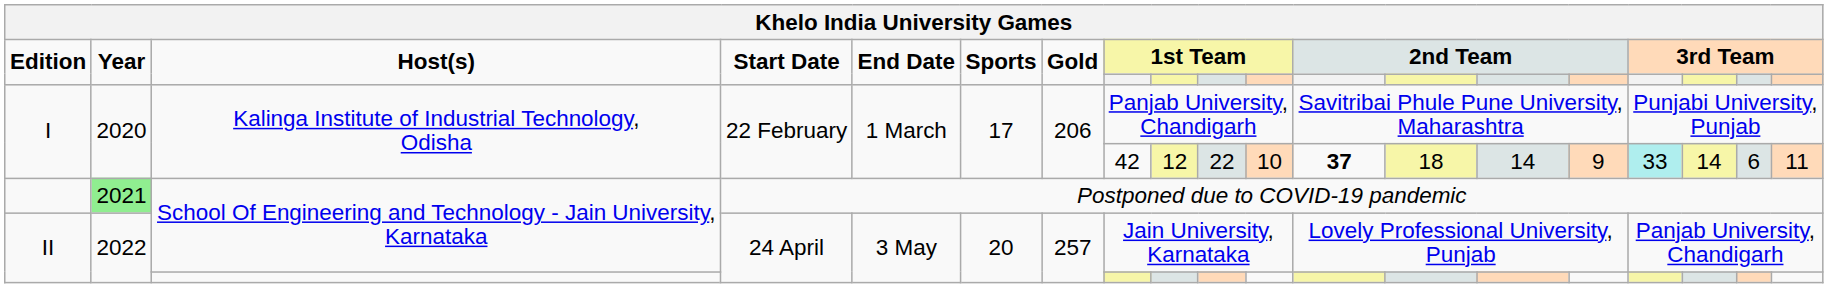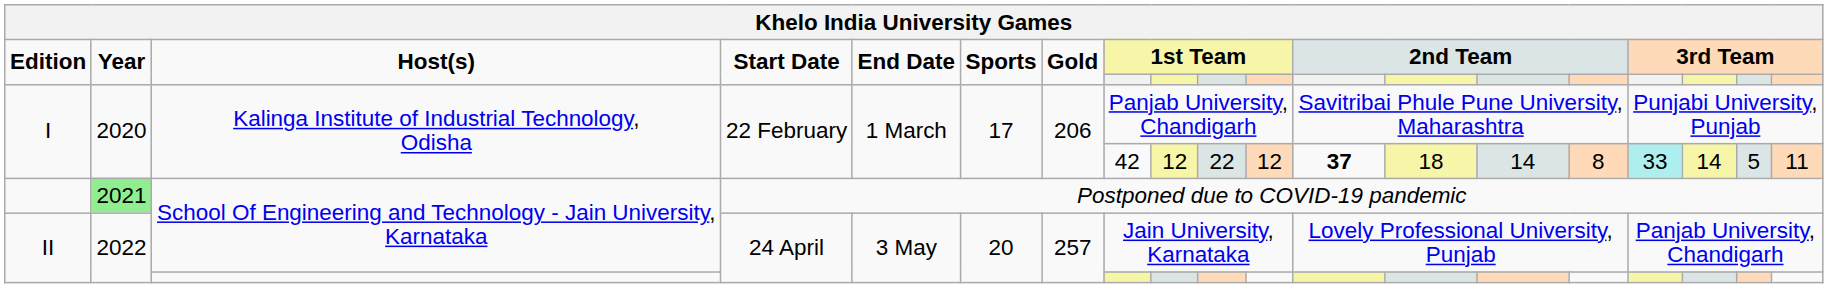 <table class="wikitable" style="text-align:center; font-size:93%;">
 <tr>
 <th colspan="19" style="text-align:center;">Khelo India University Games</th>
 </tr>
 <tr>
 <td rowspan="2"><strong>Edition</strong></td>
 <td rowspan="2"><strong>Year</strong></td>
 <td rowspan="2"><strong>Host(s)</strong></td>
 <td rowspan="2"><strong>Start Date</strong></td>
 <td rowspan="2"><strong>End Date</strong></td>
 <td rowspan="2"><strong>Sports</strong></td>
 <td rowspan="2"><strong>Gold</strong></td>
 <th colspan="4" style="background:#f7f6a8;">1st Team</th>
 <th colspan="4" style="background:#dce5e5;">2nd Team</th>
 <th colspan="4" style="background:#ffdab9;">3rd Team</th>
 </tr>
 <tr>
 <th></th>
 <th style="background:#f7f6a8;"></th>
 <th style="background:#dce5e5;"></th>
 <th style="background:#ffdab9;"></th>
 <th></th>
 <th style="background:#f7f6a8;"></th>
 <th style="background:#dce5e5;"></th>
 <th style="background:#ffdab9;"></th>
 <th></th>
 <th style="background:#f7f6a8;"></th>
 <th style="background:#dce5e5;"></th>
 <th style="background:#ffdab9;"></th>
 </tr>
 <tr>
 <td rowspan="2">I</td>
 <td rowspan="2">2020</td>
 <td rowspan="2"><a href='#'>Kalinga Institute of Industrial Technology</a>,<br><a href='#'>Odisha</a></td>
 <td rowspan="2">22 February</td>
 <td rowspan="2">1 March</td>
 <td rowspan="2">17</td>
 <td rowspan="2">206</td>
 <td colspan="4"><a href='#'>Panjab University</a>,<br><a href='#'>Chandigarh</a></td>
 <td colspan="4"><a href='#'>Savitribai Phule Pune University</a>,<br><a href='#'>Maharashtra</a></td>
 <td colspan="4"><a href='#'>Punjabi University</a>,<br><a href='#'>Punjab</a></td>
 </tr>
 <tr>
 <td>42</td>
 <td style="background:#f7f6a8;">12</td>
 <td style="background:#dce5e5;">22</td>
-<td style="background:#ffdab9;">10</td>
+<td style="background:#ffdab9;">12</td>
 <td><strong>37</strong></td>
 <td style="background:#f7f6a8;">18</td>
 <td style="background:#dce5e5;">14</td>
-<td style="background:#ffdab9;">9</td>
+<td style="background:#ffdab9;">8</td>
 <td style="background: paleturquoise;">33</td>
 <td style="background:#f7f6a8;">14</td>
-<td style="background:#dce5e5;">6</td>
+<td style="background:#dce5e5;">5</td>
 <td style="background:#ffdab9;">11</td>
 </tr>
 <tr>
 <td></td>
 <td style="background: lightgreen;">2021</td>
 <td rowspan="2" colspan="1"><a href='#'>School Of Engineering and Technology - Jain University</a>,<br><a href='#'>Karnataka</a></td>
 <td colspan="16"><em>Postponed due to COVID-19 pandemic</em></td>
 </tr>
 <tr>
 <td rowspan="2">II</td>
 <td rowspan="2">2022</td>
 <td rowspan="2">24 April</td>
 <td rowspan="2">3 May</td>
 <td rowspan="2">20</td>
 <td rowspan="2">257</td>
 <td colspan="4"><a href='#'>Jain University</a>,<br><a href='#'>Karnataka</a></td>
 <td colspan="4"><a href='#'>Lovely Professional University</a>,<br><a href='#'>Punjab</a></td>
 <td colspan="4"><a href='#'>Panjab University</a>,<br><a href='#'>Chandigarh</a></td>
 </tr>
 <tr>
 <td></td>
 <td style="background:#f7f6a8;"></td>
 <td style="background:#dce5e5;"></td>
 <td style="background:#ffdab9;"></td>
 <td></td>
 <td style="background:#f7f6a8;"></td>
 <td style="background:#dce5e5;"></td>
 <td style="background:#ffdab9;"></td>
 <td></td>
 <td style="background:#f7f6a8;"></td>
 <td style="background:#dce5e5;"></td>
 <td style="background:#ffdab9;"></td>
 </tr>
 </table>
